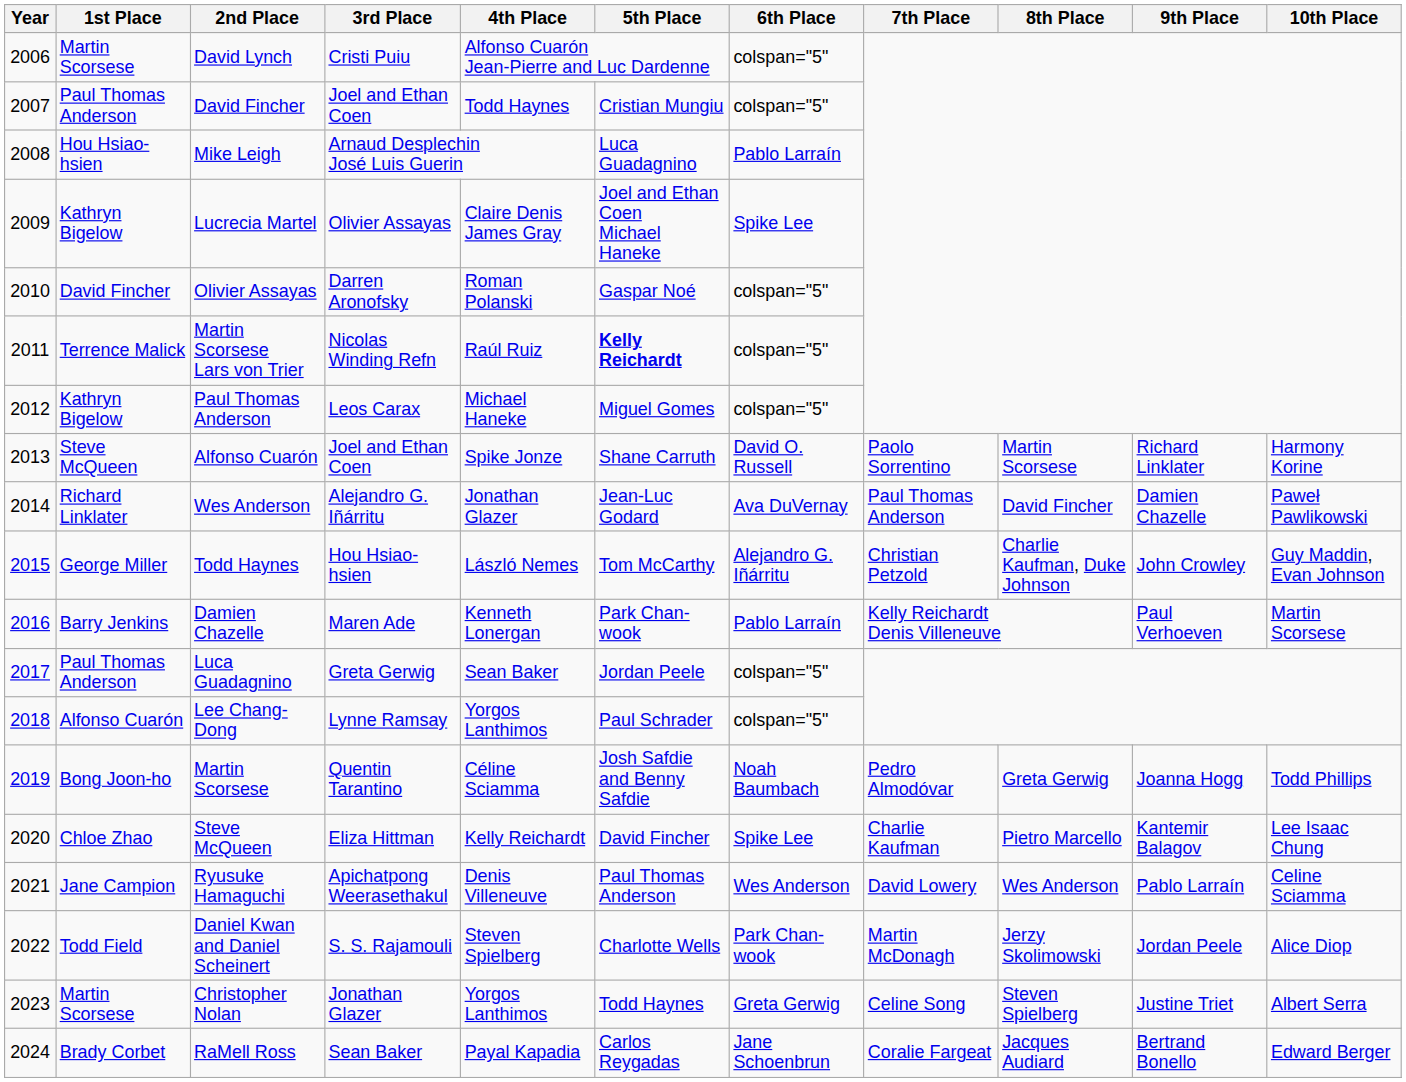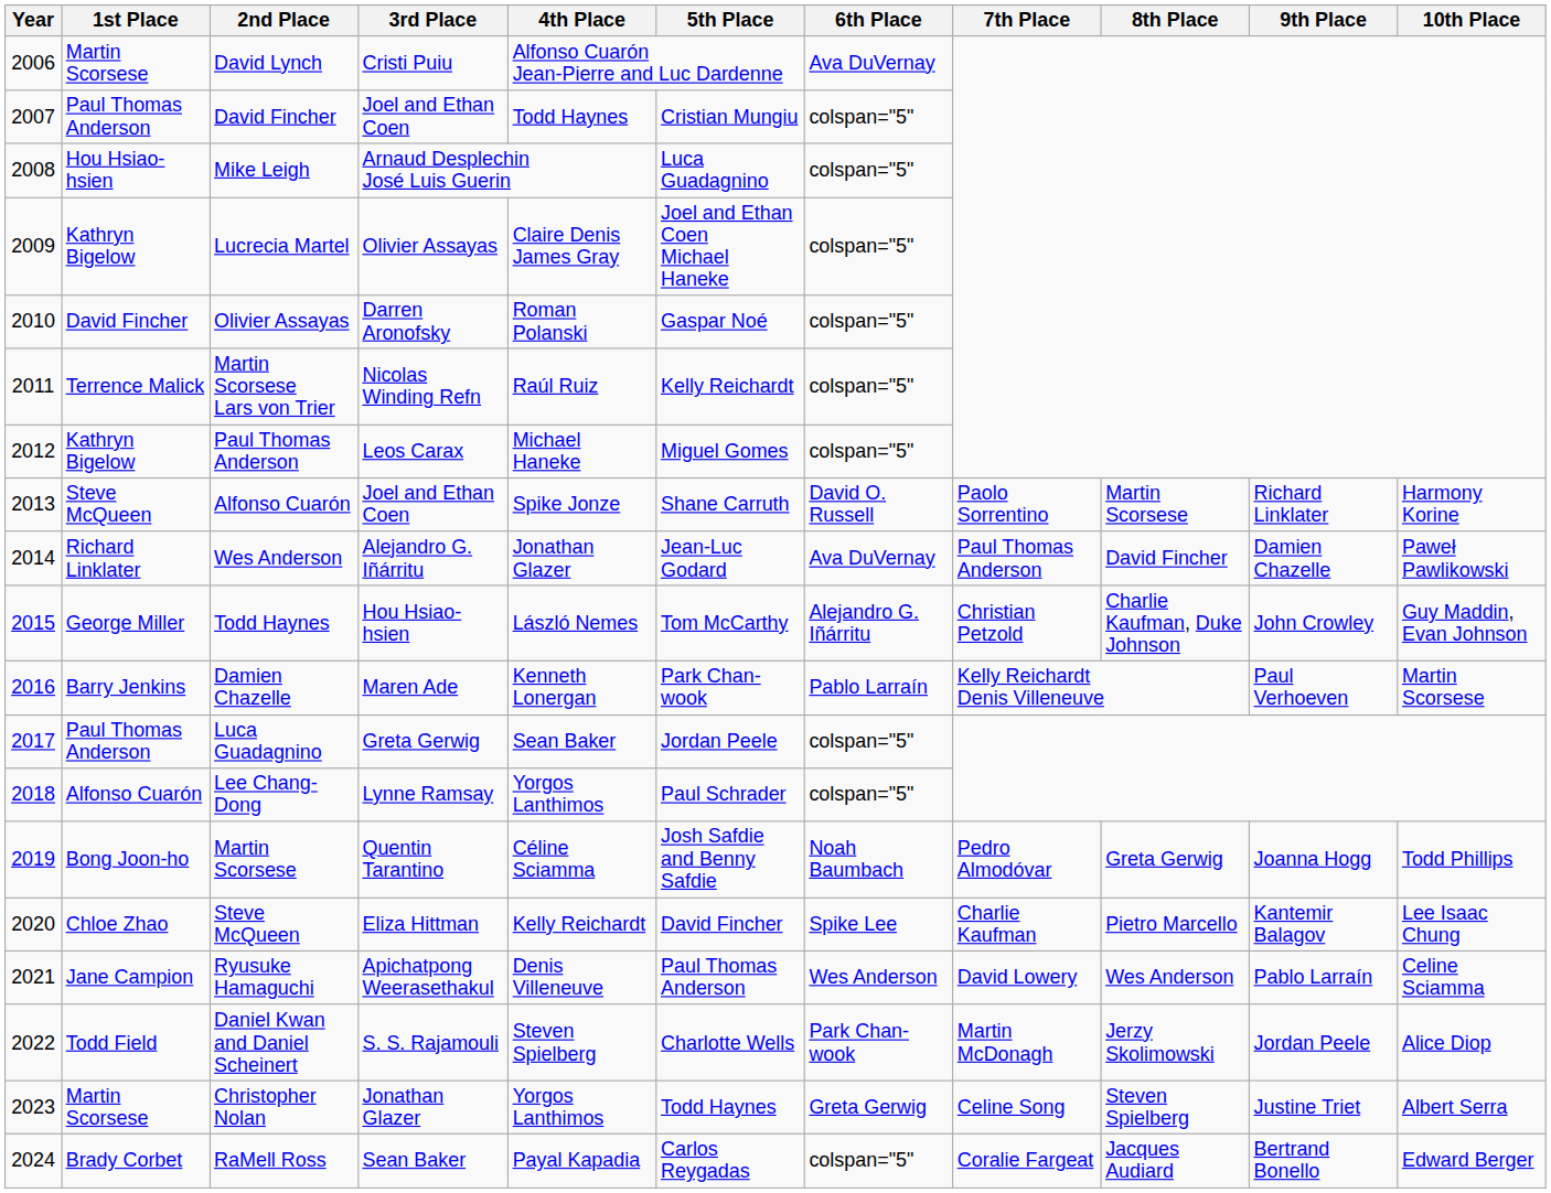 <table class="wikitable">
 <tr>
 <th scope="col" width="3%">Year</th>
 <th scope="col" width="9%">1st Place</th>
 <th scope="col" width="9%">2nd Place</th>
 <th scope="col" width="9%">3rd Place</th>
 <th scope="col" width="9%">4th Place</th>
 <th scope="col" width="9%">5th Place</th>
 <th scope="col" width="9%">6th Place</th>
 <th scope="col" width="9%">7th Place</th>
 <th scope="col" width="9%">8th Place</th>
 <th scope="col" width="9%">9th Place</th>
 <th scope="col" width="9%">10th Place</th>
 </tr>
 <tr>
 <td align="center">2006</td>
 <td><a href='#'>Martin Scorsese</a><br></td>
 <td><a href='#'>David Lynch</a><br></td>
 <td><a href='#'>Cristi Puiu</a><br></td>
 <td colspan="2"><a href='#'>Alfonso Cuarón</a> <br><a href='#'>Jean-Pierre and Luc Dardenne</a> </td>
-<td>colspan="5" </td>
+<td><a href='#'>Ava DuVernay</a><br></td>
 </tr>
 <tr>
 <td align="center">2007</td>
 <td><a href='#'>Paul Thomas Anderson</a><br></td>
 <td><a href='#'>David Fincher</a><br></td>
 <td><a href='#'>Joel and Ethan Coen</a><br></td>
 <td><a href='#'>Todd Haynes</a><br></td>
 <td><a href='#'>Cristian Mungiu</a><br></td>
 <td>colspan="5" </td>
 </tr>
 <tr>
 <td align="center">2008</td>
 <td><a href='#'>Hou Hsiao-hsien</a><br></td>
 <td><a href='#'>Mike Leigh</a><br></td>
 <td colspan="2"><a href='#'>Arnaud Desplechin</a> <br><a href='#'>José Luis Guerin</a> </td>
 <td><a href='#'>Luca Guadagnino</a><br></td>
-<td><a href='#'>Pablo Larraín</a><br></td>
+<td>colspan="5" </td>
 </tr>
 <tr>
 <td align="center">2009</td>
 <td><a href='#'>Kathryn Bigelow</a><br></td>
 <td><a href='#'>Lucrecia Martel</a><br></td>
 <td><a href='#'>Olivier Assayas</a><br></td>
 <td><a href='#'>Claire Denis</a> <br><a href='#'>James Gray</a> </td>
 <td><a href='#'>Joel and Ethan Coen</a> <br><a href='#'>Michael Haneke</a><br></td>
-<td><a href='#'>Spike Lee</a><br></td>
+<td>colspan="5" </td>
 </tr>
 <tr>
 <td align="center">2010</td>
 <td><a href='#'>David Fincher</a><br></td>
 <td><a href='#'>Olivier Assayas</a><br></td>
 <td><a href='#'>Darren Aronofsky</a><br></td>
 <td><a href='#'>Roman Polanski</a><br></td>
 <td><a href='#'>Gaspar Noé</a><br></td>
 <td>colspan="5" </td>
 </tr>
 <tr>
 <td align="center">2011</td>
 <td><a href='#'>Terrence Malick</a><br></td>
 <td><a href='#'>Martin Scorsese</a> <br><a href='#'>Lars von Trier</a><br></td>
 <td><a href='#'>Nicolas Winding Refn</a><br></td>
 <td><a href='#'>Raúl Ruiz</a><br></td>
-<td><strong><a href='#'>Kelly Reichardt</a><br></strong></td>
+<td><a href='#'>Kelly Reichardt</a><br></td>
 <td>colspan="5" </td>
 </tr>
 <tr>
 <td align="center">2012</td>
 <td><a href='#'>Kathryn Bigelow</a><br></td>
 <td><a href='#'>Paul Thomas Anderson</a><br></td>
 <td><a href='#'>Leos Carax</a><br></td>
 <td><a href='#'>Michael Haneke</a><br></td>
 <td><a href='#'>Miguel Gomes</a><br></td>
 <td>colspan="5" </td>
 </tr>
 <tr>
 <td align="center">2013</td>
 <td><a href='#'>Steve McQueen</a><br></td>
 <td><a href='#'>Alfonso Cuarón</a><br></td>
 <td><a href='#'>Joel and Ethan Coen</a><br></td>
 <td><a href='#'>Spike Jonze</a><br></td>
 <td><a href='#'>Shane Carruth</a><br></td>
 <td><a href='#'>David O. Russell</a><br></td>
 <td><a href='#'>Paolo Sorrentino</a><br></td>
 <td><a href='#'>Martin Scorsese</a><br></td>
 <td><a href='#'>Richard Linklater</a><br></td>
 <td><a href='#'>Harmony Korine</a><br></td>
 </tr>
 <tr>
 <td align="center">2014</td>
 <td><a href='#'>Richard Linklater</a><br></td>
 <td><a href='#'>Wes Anderson</a><br></td>
 <td><a href='#'>Alejandro G. Iñárritu</a><br></td>
 <td><a href='#'>Jonathan Glazer</a><br></td>
 <td><a href='#'>Jean-Luc Godard</a><br></td>
 <td><a href='#'>Ava DuVernay</a><br></td>
 <td><a href='#'>Paul Thomas Anderson</a><br></td>
 <td><a href='#'>David Fincher</a><br></td>
 <td><a href='#'>Damien Chazelle</a><br></td>
 <td><a href='#'>Paweł Pawlikowski</a><br></td>
 </tr>
 <tr>
 <td align="center"><a href='#'>2015</a></td>
 <td><a href='#'>George Miller</a><br></td>
 <td><a href='#'>Todd Haynes</a><br></td>
 <td><a href='#'>Hou Hsiao-hsien</a><br></td>
 <td><a href='#'>László Nemes</a><br></td>
 <td><a href='#'>Tom McCarthy</a><br></td>
 <td><a href='#'>Alejandro G. Iñárritu</a><br></td>
 <td><a href='#'>Christian Petzold</a><br></td>
 <td><a href='#'>Charlie Kaufman</a>, <a href='#'>Duke Johnson</a><br></td>
 <td><a href='#'>John Crowley</a><br></td>
 <td><a href='#'>Guy Maddin</a>, <a href='#'>Evan Johnson</a><br></td>
 </tr>
 <tr>
 <td align="center"><a href='#'>2016</a></td>
 <td><a href='#'>Barry Jenkins</a><br></td>
 <td><a href='#'>Damien Chazelle</a><br></td>
 <td><a href='#'>Maren Ade</a><br></td>
 <td><a href='#'>Kenneth Lonergan</a><br></td>
 <td><a href='#'>Park Chan-wook</a><br></td>
 <td><a href='#'>Pablo Larraín</a><br></td>
 <td colspan="2"><a href='#'>Kelly Reichardt</a> <br><a href='#'>Denis Villeneuve</a> </td>
 <td><a href='#'>Paul Verhoeven</a><br></td>
 <td><a href='#'>Martin Scorsese</a><br></td>
 </tr>
 <tr>
 <td align="center"><a href='#'>2017</a></td>
 <td><a href='#'>Paul Thomas Anderson</a><br></td>
 <td><a href='#'>Luca Guadagnino</a><br></td>
 <td><a href='#'>Greta Gerwig</a><br></td>
 <td><a href='#'>Sean Baker</a><br></td>
 <td><a href='#'>Jordan Peele</a><br></td>
 <td>colspan="5" </td>
 </tr>
 <tr>
 <td align="center"><a href='#'>2018</a></td>
 <td><a href='#'>Alfonso Cuarón</a><br></td>
 <td><a href='#'>Lee Chang-Dong</a><br></td>
 <td><a href='#'>Lynne Ramsay</a><br></td>
 <td><a href='#'>Yorgos Lanthimos</a><br></td>
 <td><a href='#'>Paul Schrader</a><br></td>
 <td>colspan="5" </td>
 </tr>
 <tr>
 <td align="center"><a href='#'>2019</a></td>
 <td><a href='#'>Bong Joon-ho</a><br></td>
 <td><a href='#'>Martin Scorsese</a><br></td>
 <td><a href='#'>Quentin Tarantino</a><br></td>
 <td><a href='#'>Céline Sciamma</a><br></td>
 <td><a href='#'>Josh Safdie and Benny Safdie</a><br></td>
 <td><a href='#'>Noah Baumbach</a><br></td>
 <td><a href='#'>Pedro Almodóvar</a><br></td>
 <td><a href='#'>Greta Gerwig</a><br></td>
 <td><a href='#'>Joanna Hogg</a><br></td>
 <td><a href='#'>Todd Phillips</a><br></td>
 </tr>
 <tr>
 <td align="center">2020</td>
 <td><a href='#'>Chloe Zhao</a><br></td>
 <td><a href='#'>Steve McQueen</a><br></td>
 <td><a href='#'>Eliza Hittman</a><br></td>
 <td><a href='#'>Kelly Reichardt</a><br></td>
 <td><a href='#'>David Fincher</a><br></td>
 <td><a href='#'>Spike Lee</a><br></td>
 <td><a href='#'>Charlie Kaufman</a><br></td>
 <td><a href='#'>Pietro Marcello</a><br></td>
 <td><a href='#'>Kantemir Balagov</a><br></td>
 <td><a href='#'>Lee Isaac Chung</a><br></td>
 </tr>
 <tr>
 <td align="center">2021</td>
 <td><a href='#'>Jane Campion</a><br></td>
 <td><a href='#'>Ryusuke Hamaguchi</a><br></td>
 <td><a href='#'>Apichatpong Weerasethakul</a><br></td>
 <td><a href='#'>Denis Villeneuve</a><br></td>
 <td><a href='#'>Paul Thomas Anderson</a><br></td>
 <td><a href='#'>Wes Anderson</a><br></td>
 <td><a href='#'>David Lowery</a><br></td>
 <td><a href='#'>Wes Anderson</a><br></td>
 <td><a href='#'>Pablo Larraín</a><br></td>
 <td><a href='#'>Celine Sciamma</a><br></td>
 </tr>
 <tr>
 <td align="center">2022</td>
 <td><a href='#'>Todd Field</a><br></td>
 <td><a href='#'>Daniel Kwan and Daniel Scheinert</a><br></td>
 <td><a href='#'>S. S. Rajamouli</a><br></td>
 <td><a href='#'>Steven Spielberg</a><br></td>
 <td><a href='#'>Charlotte Wells</a><br></td>
 <td><a href='#'>Park Chan-wook</a><br></td>
 <td><a href='#'>Martin McDonagh</a><br></td>
 <td><a href='#'>Jerzy Skolimowski</a><br></td>
 <td><a href='#'>Jordan Peele</a><br></td>
 <td><a href='#'>Alice Diop</a><br></td>
 </tr>
 <tr>
 <td align="center">2023</td>
 <td><a href='#'>Martin Scorsese</a><br></td>
 <td><a href='#'>Christopher Nolan</a><br></td>
 <td><a href='#'>Jonathan Glazer</a><br></td>
 <td><a href='#'>Yorgos Lanthimos</a><br></td>
 <td><a href='#'>Todd Haynes</a><br></td>
 <td><a href='#'>Greta Gerwig</a><br></td>
 <td><a href='#'>Celine Song</a><br></td>
 <td><a href='#'>Steven Spielberg</a><br></td>
 <td><a href='#'>Justine Triet</a><br></td>
 <td><a href='#'>Albert Serra</a><br></td>
 </tr>
 <tr>
 <td align="center">2024</td>
 <td><a href='#'>Brady Corbet</a><br></td>
 <td><a href='#'>RaMell Ross</a><br></td>
 <td><a href='#'>Sean Baker</a><br></td>
 <td><a href='#'>Payal Kapadia</a><br></td>
 <td><a href='#'>Carlos Reygadas</a><br></td>
-<td><a href='#'>Jane Schoenbrun</a><br></td>
+<td>colspan="5" </td>
 <td><a href='#'>Coralie Fargeat</a><br></td>
 <td><a href='#'>Jacques Audiard</a><br></td>
 <td><a href='#'>Bertrand Bonello</a><br></td>
 <td><a href='#'>Edward Berger</a><br></td>
 </tr>
 <tr>
 </tr>
 </table>
